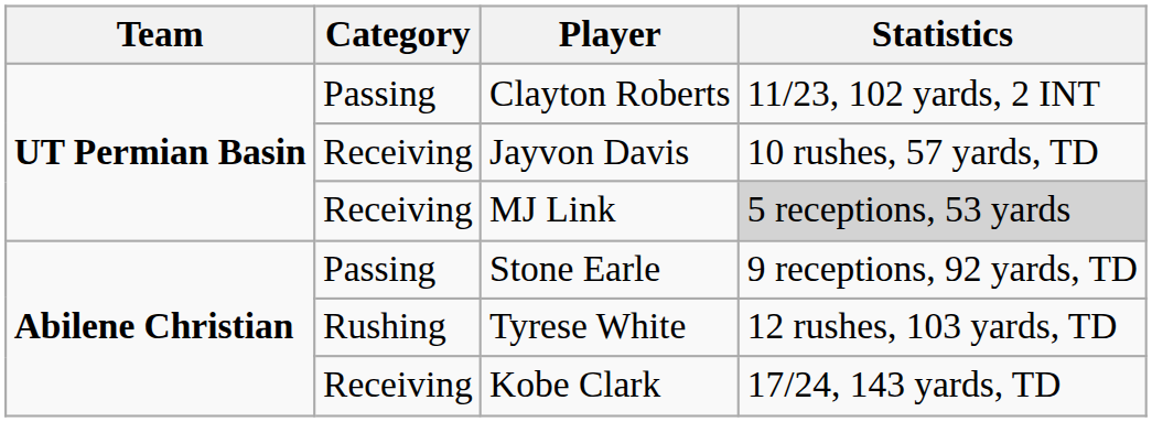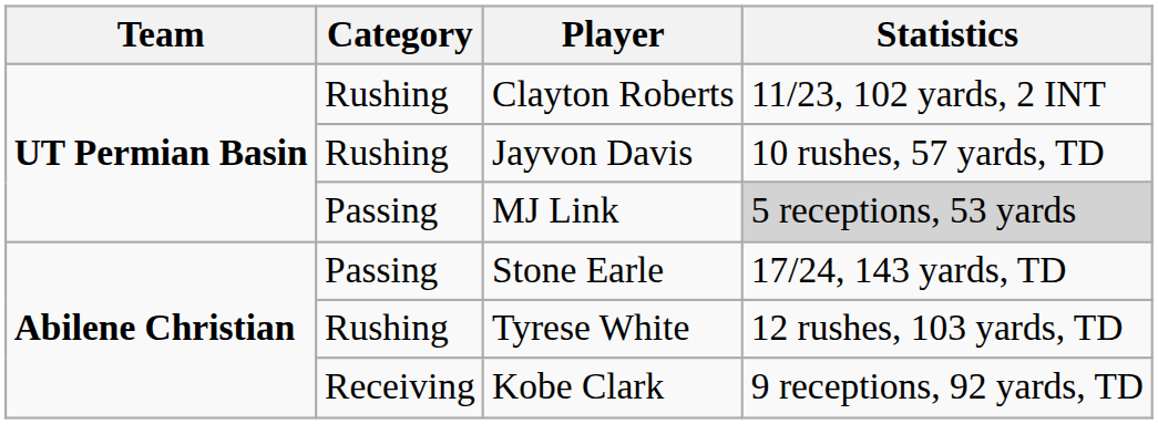 <table class="wikitable" style="float: right;">
 <tr>
 <th>Team</th>
 <th>Category</th>
 <th>Player</th>
 <th>Statistics</th>
 </tr>
 <tr>
 <td rowspan=3><strong>UT Permian Basin</strong></td>
-<td>Passing</td>
+<td>Rushing</td>
 <td>Clayton Roberts</td>
 <td>11/23, 102 yards, 2 INT</td>
 </tr>
 <tr>
-<td>Receiving</td>
+<td>Rushing</td>
 <td>Jayvon Davis</td>
 <td>10 rushes, 57 yards, TD</td>
 </tr>
 <tr>
-<td>Receiving</td>
+<td>Passing</td>
 <td>MJ Link</td>
 <td style="background: lightgrey;">5 receptions, 53 yards</td>
 </tr>
 <tr>
 <td rowspan=3><strong>Abilene Christian</strong></td>
 <td>Passing</td>
 <td>Stone Earle</td>
-<td>9 receptions, 92 yards, TD</td>
+<td>17/24, 143 yards, TD</td>
 </tr>
 <tr>
 <td>Rushing</td>
 <td>Tyrese White</td>
 <td>12 rushes, 103 yards, TD</td>
 </tr>
 <tr>
 <td>Receiving</td>
 <td>Kobe Clark</td>
-<td>17/24, 143 yards, TD</td>
+<td>9 receptions, 92 yards, TD</td>
 </tr>
 </table>
